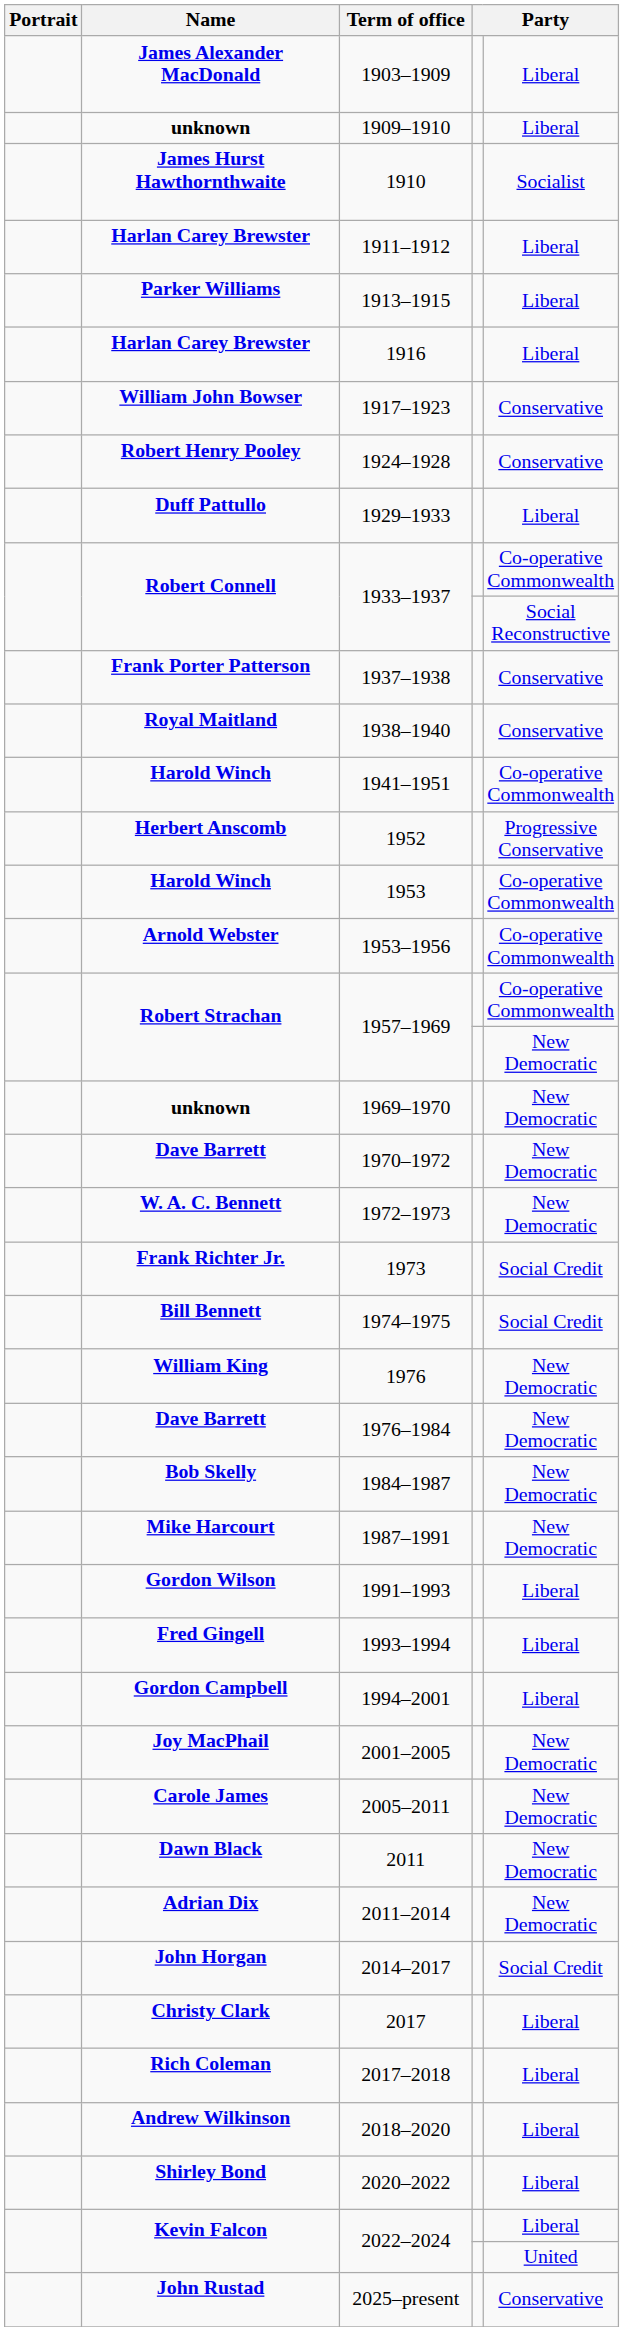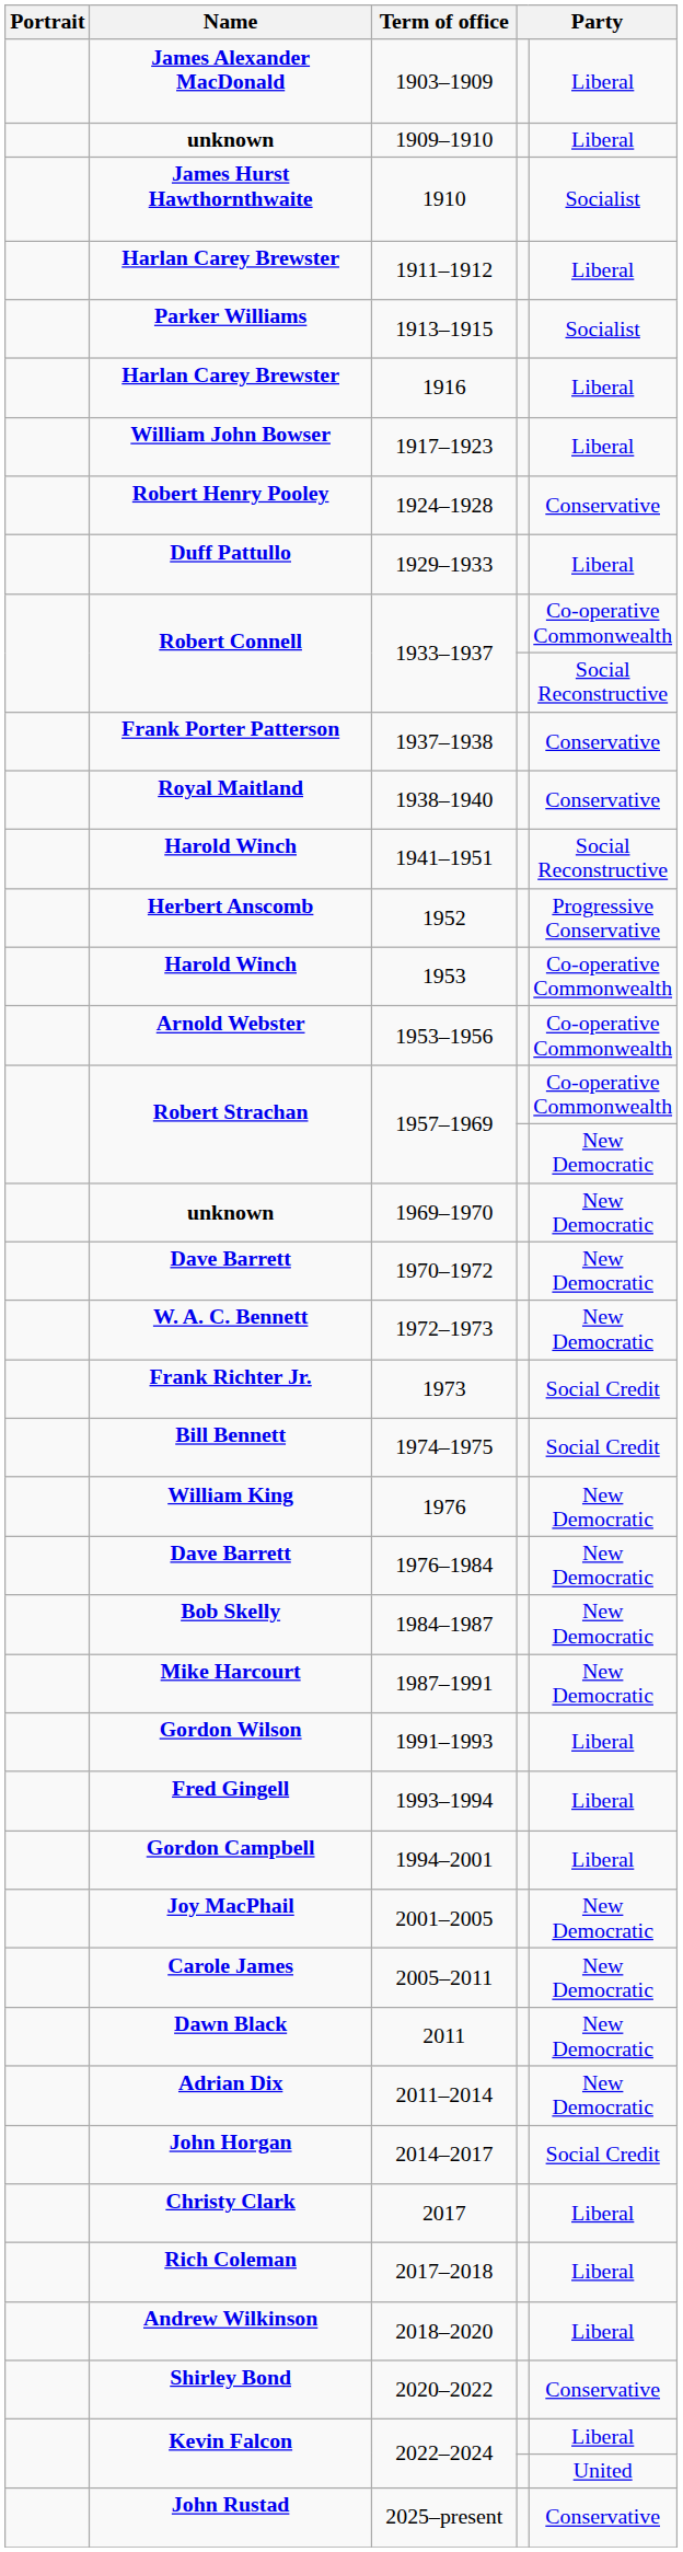 <table class="wikitable" style="text-align:center">
 <tr>
 <th scope="col">Portrait</th>
 <th scope="col" width="200px">Name<br></th>
 <th scope="col" width="100px">Term of office</th>
 <th colspan="2">Party</th>
 </tr>
 <tr>
 <td></td>
 <td><strong><a href='#'>James Alexander MacDonald</a></strong><br><br></td>
 <td>1903–1909</td>
 <td style="width:1px; background:"></td>
 <td width="100px"><a href='#'>Liberal</a></td>
 </tr>
 <tr>
 <td></td>
 <td><strong>unknown</strong></td>
 <td>1909–1910</td>
 <td style="width:1px; background:"></td>
 <td><a href='#'>Liberal</a></td>
 </tr>
 <tr>
 <td></td>
 <td><strong><a href='#'>James Hurst Hawthornthwaite</a></strong><br><br></td>
 <td>1910</td>
 <td style="width:1px; background:"></td>
 <td><a href='#'>Socialist</a></td>
 </tr>
 <tr>
 <td></td>
 <td><strong><a href='#'>Harlan Carey Brewster</a></strong><br><br></td>
 <td>1911–1912</td>
 <td style="width:1px; background:"></td>
 <td><a href='#'>Liberal</a></td>
 </tr>
 <tr>
 <td></td>
 <td><strong><a href='#'>Parker Williams</a></strong><br><br></td>
 <td>1913–1915</td>
 <td style="width:1px; background:"></td>
-<td><a href='#'>Liberal</a></td>
+<td><a href='#'>Socialist</a></td>
 </tr>
 <tr>
 <td></td>
 <td><strong><a href='#'>Harlan Carey Brewster</a></strong><br><br></td>
 <td>1916</td>
 <td style="width:1px; background:"></td>
 <td><a href='#'>Liberal</a></td>
 </tr>
 <tr>
 <td></td>
 <td><strong><a href='#'>William John Bowser</a></strong><br><br></td>
 <td>1917–1923</td>
 <td style="width:1px; background:"></td>
-<td><a href='#'>Conservative</a></td>
+<td><a href='#'>Liberal</a></td>
 </tr>
 <tr>
 <td></td>
 <td><strong><a href='#'>Robert Henry Pooley</a></strong><br><br></td>
 <td>1924–1928</td>
 <td style="width:1px; background:"></td>
 <td><a href='#'>Conservative</a></td>
 </tr>
 <tr>
 <td></td>
 <td><strong><a href='#'>Duff Pattullo</a></strong><br><br></td>
 <td>1929–1933</td>
 <td style="width:1px; background:"></td>
 <td><a href='#'>Liberal</a></td>
 </tr>
 <tr>
 <td rowspan="2"></td>
 <td rowspan="2"><strong><a href='#'>Robert Connell</a></strong><br><br></td>
 <td rowspan="2">1933–1937</td>
 <td style="width:1px; background:"></td>
 <td><a href='#'>Co-operative Commonwealth</a></td>
 </tr>
 <tr>
 <td style="width:1px; background:"></td>
 <td><a href='#'>Social Reconstructive</a></td>
 </tr>
 <tr>
 <td></td>
 <td><strong><a href='#'>Frank Porter Patterson</a></strong><br><br></td>
 <td>1937–1938</td>
 <td style="width:1px; background:"></td>
 <td><a href='#'>Conservative</a></td>
 </tr>
 <tr>
 <td></td>
 <td><strong><a href='#'>Royal Maitland</a></strong><br><br></td>
 <td>1938–1940</td>
 <td style="width:1px; background:"></td>
 <td><a href='#'>Conservative</a></td>
 </tr>
 <tr>
 <td></td>
 <td><strong><a href='#'>Harold Winch</a></strong><br><br></td>
 <td>1941–1951</td>
 <td style="width:1px; background:"></td>
-<td><a href='#'>Co-operative Commonwealth</a></td>
+<td><a href='#'>Social Reconstructive</a></td>
 </tr>
 <tr>
 <td></td>
 <td><strong><a href='#'>Herbert Anscomb</a></strong><br><br></td>
 <td>1952</td>
 <td style="width:1px; background:"></td>
 <td><a href='#'>Progressive Conservative</a></td>
 </tr>
 <tr>
 <td></td>
 <td><strong><a href='#'>Harold Winch</a></strong><br><br></td>
 <td>1953</td>
 <td style="width:1px; background:"></td>
 <td><a href='#'>Co-operative Commonwealth</a></td>
 </tr>
 <tr>
 <td></td>
 <td><strong><a href='#'>Arnold Webster</a></strong><br><br></td>
 <td>1953–1956</td>
 <td style="width:1px; background:"></td>
 <td><a href='#'>Co-operative Commonwealth</a></td>
 </tr>
 <tr>
 <td rowspan="2"></td>
 <td rowspan="2"><strong><a href='#'>Robert Strachan</a></strong><br><br></td>
 <td rowspan="2">1957–1969</td>
 <td style="width:1px; background:"></td>
 <td><a href='#'>Co-operative Commonwealth</a></td>
 </tr>
 <tr>
 <td style="width:1px; background:"></td>
 <td><a href='#'>New Democratic</a></td>
 </tr>
 <tr>
 <td></td>
 <td><strong>unknown</strong></td>
 <td>1969–1970</td>
 <td style="width:1px; background:"></td>
 <td><a href='#'>New Democratic</a></td>
 </tr>
 <tr>
 <td></td>
 <td><strong><a href='#'>Dave Barrett</a></strong><br><br></td>
 <td>1970–1972</td>
 <td style="width:1px; background:"></td>
 <td><a href='#'>New Democratic</a></td>
 </tr>
 <tr>
 <td></td>
 <td><strong><a href='#'>W. A. C. Bennett</a></strong><br><br></td>
 <td>1972–1973</td>
 <td style="width:1px; background:"></td>
 <td><a href='#'>New Democratic</a></td>
 </tr>
 <tr>
 <td></td>
 <td><strong><a href='#'>Frank Richter Jr.</a></strong><br><br></td>
 <td>1973</td>
 <td style="width:1px; background:"></td>
 <td><a href='#'>Social Credit</a></td>
 </tr>
 <tr>
 <td></td>
 <td><strong><a href='#'>Bill Bennett</a></strong><br><br></td>
 <td>1974–1975</td>
 <td style="width:1px; background:"></td>
 <td><a href='#'>Social Credit</a></td>
 </tr>
 <tr>
 <td></td>
 <td><a href='#'><strong>William King</strong></a><br><br></td>
 <td>1976</td>
 <td style="width:1px; background:"></td>
 <td><a href='#'>New Democratic</a></td>
 </tr>
 <tr>
 <td></td>
 <td><strong><a href='#'>Dave Barrett</a></strong><br><br></td>
 <td>1976–1984</td>
 <td style="width:1px; background:"></td>
 <td><a href='#'>New Democratic</a></td>
 </tr>
 <tr>
 <td></td>
 <td><strong><a href='#'>Bob Skelly</a></strong><br><br></td>
 <td>1984–1987</td>
 <td style="width:1px; background:"></td>
 <td><a href='#'>New Democratic</a></td>
 </tr>
 <tr>
 <td></td>
 <td><strong><a href='#'>Mike Harcourt</a></strong><br><br></td>
 <td>1987–1991</td>
 <td style="width:1px; background:"></td>
 <td><a href='#'>New Democratic</a></td>
 </tr>
 <tr>
 <td></td>
 <td><a href='#'><strong>Gordon Wilson</strong></a><br><br></td>
 <td>1991–1993</td>
 <td style="width:1px; background:"></td>
 <td><a href='#'>Liberal</a></td>
 </tr>
 <tr>
 <td></td>
 <td><strong><a href='#'>Fred Gingell</a></strong><br><br></td>
 <td>1993–1994</td>
 <td style="width:1px; background:"></td>
 <td><a href='#'>Liberal</a></td>
 </tr>
 <tr>
 <td></td>
 <td><strong><a href='#'>Gordon Campbell</a></strong><br><br></td>
 <td>1994–2001</td>
 <td style="width:1px; background:"></td>
 <td><a href='#'>Liberal</a></td>
 </tr>
 <tr>
 <td></td>
 <td><strong><a href='#'>Joy MacPhail</a></strong><br><br></td>
 <td>2001–2005</td>
 <td style="width:1px; background:"></td>
 <td><a href='#'>New Democratic</a></td>
 </tr>
 <tr>
 <td></td>
 <td><strong><a href='#'>Carole James</a></strong><br><br></td>
 <td>2005–2011</td>
 <td style="width:1px; background:"></td>
 <td><a href='#'>New Democratic</a></td>
 </tr>
 <tr>
 <td></td>
 <td><strong><a href='#'>Dawn Black</a></strong><br><br></td>
 <td>2011</td>
 <td style="width:1px; background:"></td>
 <td><a href='#'>New Democratic</a></td>
 </tr>
 <tr>
 <td></td>
 <td><strong><a href='#'>Adrian Dix</a></strong><br><br></td>
 <td>2011–2014</td>
 <td style="width:1px; background:"></td>
 <td><a href='#'>New Democratic</a></td>
 </tr>
 <tr>
 <td></td>
 <td><strong><a href='#'>John Horgan</a></strong><br><br></td>
 <td>2014–2017</td>
 <td style="width:1px; background:"></td>
 <td><a href='#'>Social Credit</a></td>
 </tr>
 <tr>
 <td></td>
 <td><strong><a href='#'>Christy Clark</a></strong><br><br></td>
 <td>2017</td>
 <td style="width:1px; background:"></td>
 <td><a href='#'>Liberal</a></td>
 </tr>
 <tr>
 <td></td>
 <td><strong><a href='#'>Rich Coleman</a></strong><br><br></td>
 <td>2017–2018</td>
 <td style="width:1px; background:"></td>
 <td><a href='#'>Liberal</a></td>
 </tr>
 <tr>
 <td></td>
 <td><strong><a href='#'>Andrew Wilkinson</a></strong><br><br></td>
 <td>2018–2020</td>
 <td style="width:1px; background:"></td>
 <td><a href='#'>Liberal</a></td>
 </tr>
 <tr>
 <td></td>
 <td><strong><a href='#'>Shirley Bond</a></strong><br><br></td>
 <td>2020–2022</td>
 <td style="width:1px; background:"></td>
-<td><a href='#'>Liberal</a></td>
+<td><a href='#'>Conservative</a></td>
 </tr>
 <tr>
 <td rowspan="2"></td>
 <td rowspan="2"><strong><a href='#'>Kevin Falcon</a></strong><br><br></td>
 <td rowspan="2">2022–2024</td>
 <td style="width:1px; background:"></td>
 <td><a href='#'>Liberal</a></td>
 </tr>
 <tr>
 <td style="width:1px; background:"></td>
 <td><a href='#'>United</a></td>
 </tr>
 <tr>
 <td></td>
 <td><strong><a href='#'>John Rustad</a></strong><br><br></td>
 <td>2025–present</td>
 <td style="width:1px; background:"></td>
 <td><a href='#'>Conservative</a></td>
 </tr>
 <tr>
 </tr>
 </table>
